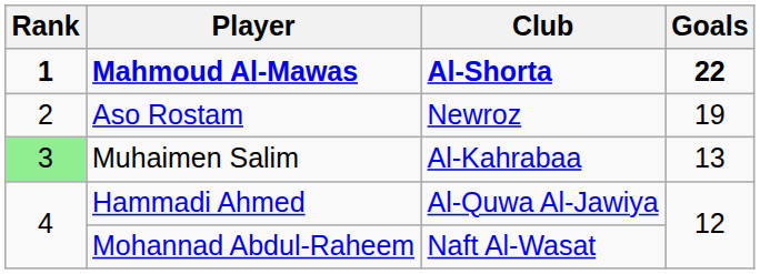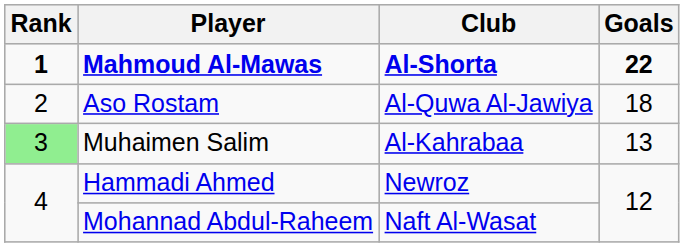 <table class="wikitable" style="text-align:center">
 <tr>
 <th>Rank</th>
 <th>Player</th>
 <th>Club</th>
 <th>Goals</th>
 </tr>
 <tr>
 <td rowspan=1><strong>1</strong></td>
 <td align="left"><strong> <a href='#'>Mahmoud Al-Mawas</a></strong></td>
 <td align="left"><strong><a href='#'>Al-Shorta</a></strong></td>
 <td rowspan=1><strong>22</strong></td>
 </tr>
 <tr>
 <td rowspan=1>2</td>
 <td align="left"> <a href='#'>Aso Rostam</a></td>
-<td align="left"><a href='#'>Newroz</a></td>
-<td rowspan=1>19</td>
+<td align="left"><a href='#'>Al-Quwa Al-Jawiya</a></td>
+<td rowspan=1>18</td>
 </tr>
 <tr>
 <td rowspan=1 style="background: lightgreen;">3</td>
 <td align="left"> Muhaimen Salim</td>
 <td align="left"><a href='#'>Al-Kahrabaa</a></td>
 <td rowspan=1>13</td>
 </tr>
 <tr>
 <td rowspan=2>4</td>
 <td align="left"> <a href='#'>Hammadi Ahmed</a></td>
-<td align="left"><a href='#'>Al-Quwa Al-Jawiya</a></td>
+<td align="left"><a href='#'>Newroz</a></td>
 <td rowspan=2>12</td>
 </tr>
 <tr>
 <td align="left"> <a href='#'>Mohannad Abdul-Raheem</a></td>
 <td align="left"><a href='#'>Naft Al-Wasat</a></td>
 </tr>
 </table>
